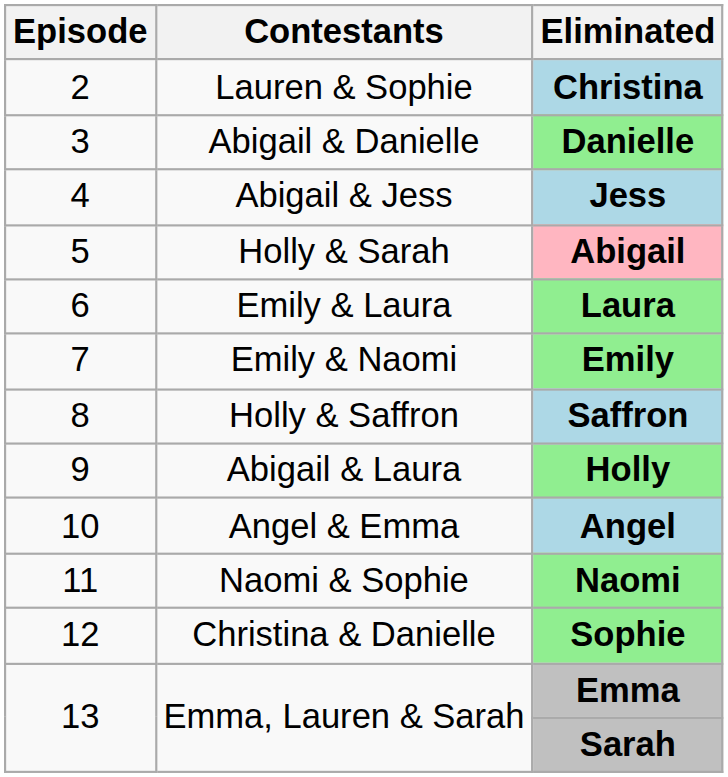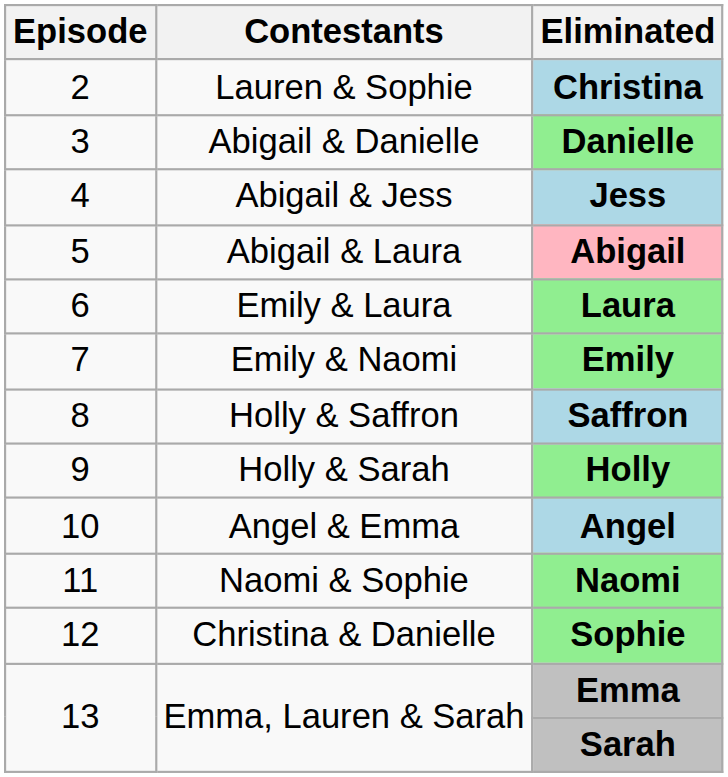 <table class="wikitable" border="2" style="text-align:center">
 <tr>
 <th>Episode</th>
 <th>Contestants</th>
 <th>Eliminated</th>
 </tr>
 <tr>
 <td>2</td>
 <td>Lauren & Sophie</td>
 <td style="background:lightblue"><strong>Christina</strong></td>
 </tr>
 <tr>
 <td>3</td>
 <td>Abigail & Danielle</td>
 <td style="background:lightgreen"><strong>Danielle</strong></td>
 </tr>
 <tr>
 <td>4</td>
 <td>Abigail & Jess</td>
 <td style="background:lightblue"><strong>Jess</strong></td>
 </tr>
 <tr>
 <td>5</td>
-<td>Holly & Sarah</td>
+<td>Abigail & Laura</td>
 <td style="background:lightpink"><strong>Abigail</strong></td>
 </tr>
 <tr>
 <td>6</td>
 <td>Emily & Laura</td>
 <td style="background:lightgreen"><strong>Laura</strong></td>
 </tr>
 <tr>
 <td>7</td>
 <td>Emily & Naomi</td>
 <td style="background:lightgreen"><strong>Emily</strong></td>
 </tr>
 <tr>
 <td>8</td>
 <td>Holly & Saffron</td>
 <td style="background:lightblue"><strong>Saffron</strong></td>
 </tr>
 <tr>
 <td>9</td>
-<td>Abigail & Laura</td>
+<td>Holly & Sarah</td>
 <td style="background:lightgreen"><strong>Holly</strong></td>
 </tr>
 <tr>
 <td>10</td>
 <td>Angel & Emma</td>
 <td style="background:lightblue"><strong>Angel</strong></td>
 </tr>
 <tr>
 <td>11</td>
 <td>Naomi & Sophie</td>
 <td style="background:lightgreen"><strong>Naomi</strong></td>
 </tr>
 <tr>
 <td>12</td>
 <td>Christina & Danielle</td>
 <td style="background:lightgreen"><strong>Sophie</strong></td>
 </tr>
 <tr>
 <td rowspan="2">13</td>
 <td rowspan=2>Emma, Lauren & Sarah</td>
 <td style="background:silver"><strong>Emma</strong></td>
 </tr>
 <tr>
 <td style="background:silver"><strong>Sarah</strong></td>
 </tr>
 </table>
